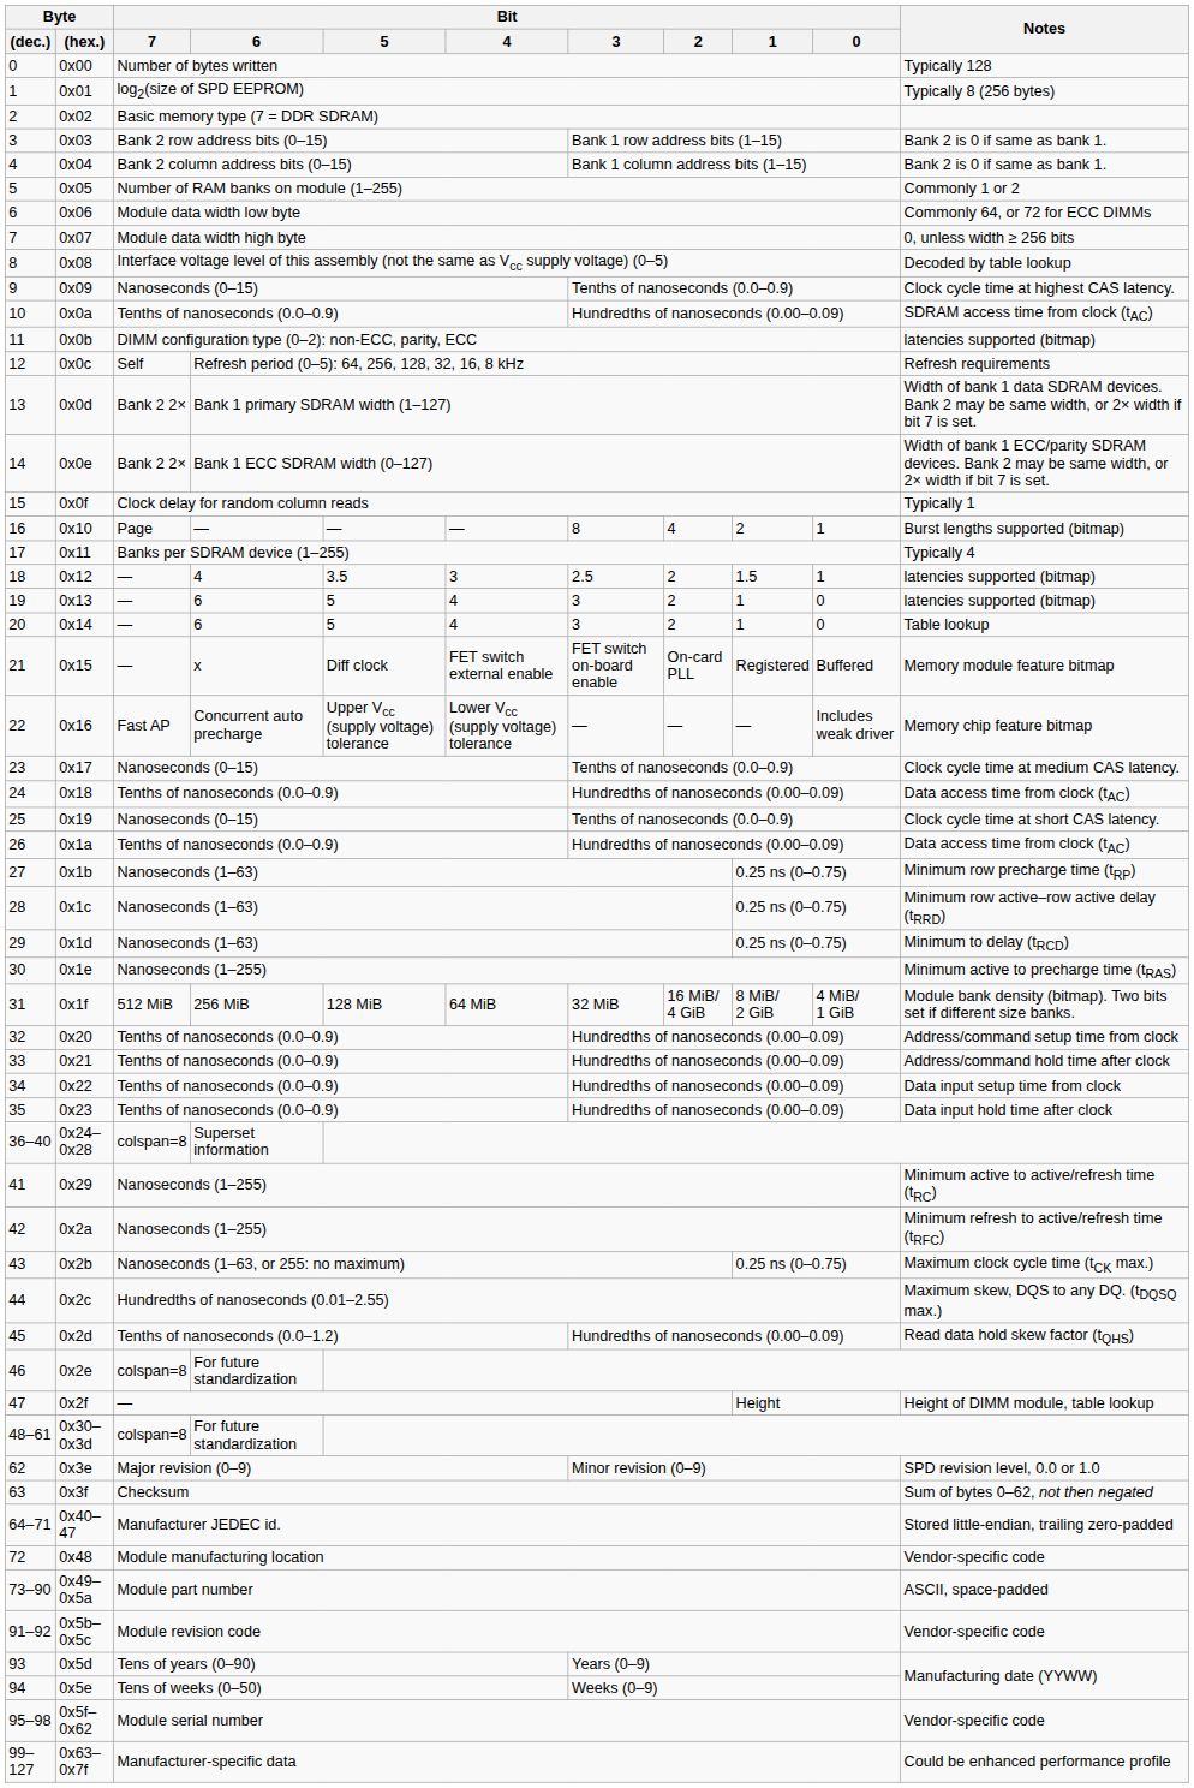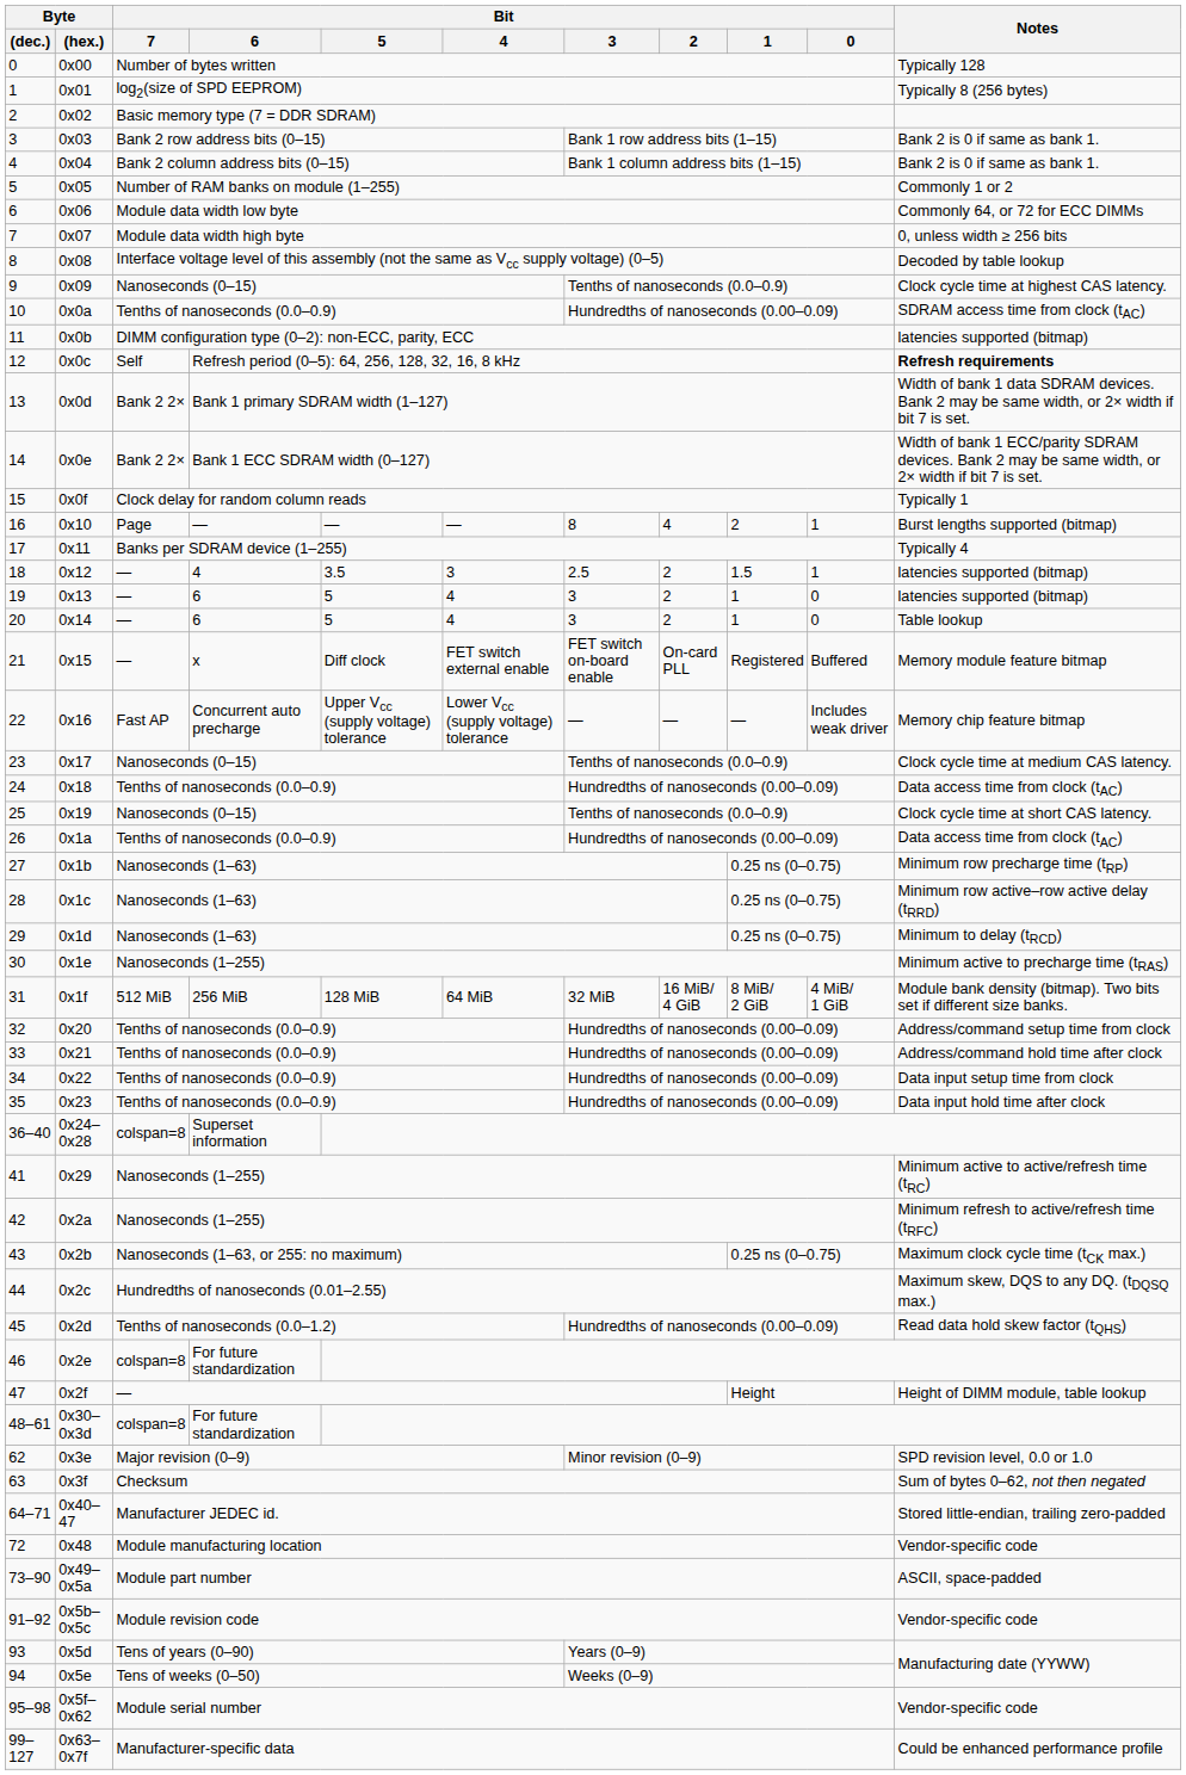 <table class=wikitable>
 <tr>
 <th colspan=2>Byte</th>
 <th colspan=8>Bit</th>
 <th rowspan=2>Notes</th>
 </tr>
 <tr>
 <th>(dec.)</th>
 <th>(hex.)</th>
 <th>7</th>
 <th>6</th>
 <th>5</th>
 <th>4</th>
 <th>3</th>
 <th>2</th>
 <th>1</th>
 <th>0</th>
 </tr>
 <tr>
 <td>0</td>
 <td>0x00</td>
 <td colspan=8>Number of bytes written</td>
 <td>Typically 128</td>
 </tr>
 <tr>
 <td>1</td>
 <td>0x01</td>
 <td colspan=8>log<sub>2</sub>(size of SPD EEPROM)</td>
 <td>Typically 8 (256 bytes)</td>
 </tr>
 <tr>
 <td>2</td>
 <td>0x02</td>
 <td colspan=8>Basic memory type (7 = DDR SDRAM)</td>
 <td></td>
 </tr>
 <tr>
 <td>3</td>
 <td>0x03</td>
 <td colspan=4>Bank 2 row address bits (0–15)</td>
 <td colspan=4>Bank 1 row address bits (1–15)</td>
 <td>Bank 2 is 0 if same as bank 1.</td>
 </tr>
 <tr>
 <td>4</td>
 <td>0x04</td>
 <td colspan=4>Bank 2 column address bits (0–15)</td>
 <td colspan=4>Bank 1 column address bits (1–15)</td>
 <td>Bank 2 is 0 if same as bank 1.</td>
 </tr>
 <tr>
 <td>5</td>
 <td>0x05</td>
 <td colspan=8>Number of RAM banks on module (1–255)</td>
 <td>Commonly 1 or 2</td>
 </tr>
 <tr>
 <td>6</td>
 <td>0x06</td>
 <td colspan=8>Module data width low byte</td>
 <td>Commonly 64, or 72 for ECC DIMMs</td>
 </tr>
 <tr>
 <td>7</td>
 <td>0x07</td>
 <td colspan=8>Module data width high byte</td>
 <td>0, unless width ≥ 256 bits</td>
 </tr>
 <tr>
 <td>8</td>
 <td>0x08</td>
 <td colspan=8>Interface voltage level of this assembly (not the same as V<sub>cc</sub> supply voltage) (0–5)</td>
 <td>Decoded by table lookup</td>
 </tr>
 <tr>
 <td>9</td>
 <td>0x09</td>
 <td colspan=4>Nanoseconds (0–15)</td>
 <td colspan=4>Tenths of nanoseconds (0.0–0.9)</td>
 <td>Clock cycle time at highest CAS latency.</td>
 </tr>
 <tr>
 <td>10</td>
 <td>0x0a</td>
 <td colspan=4>Tenths of nanoseconds (0.0–0.9)</td>
 <td colspan=4>Hundredths of nanoseconds (0.00–0.09)</td>
 <td>SDRAM access time from clock (t<sub>AC</sub>)</td>
 </tr>
 <tr>
 <td>11</td>
 <td>0x0b</td>
 <td colspan=8>DIMM configuration type (0–2): non-ECC, parity, ECC</td>
 <td> latencies supported (bitmap)</td>
 </tr>
 <tr>
 <td>12</td>
 <td>0x0c</td>
 <td>Self</td>
 <td colspan=7>Refresh period (0–5): 64, 256, 128, 32, 16, 8 kHz</td>
-<td>Refresh requirements</td>
+<td><strong>Refresh requirements</strong></td>
 </tr>
 <tr>
 <td>13</td>
 <td>0x0d</td>
 <td>Bank 2 2×</td>
 <td colspan=7>Bank 1 primary SDRAM width (1–127)</td>
 <td>Width of bank 1 data SDRAM devices.  Bank 2 may be same width, or 2× width if bit 7 is set.</td>
 </tr>
 <tr>
 <td>14</td>
 <td>0x0e</td>
 <td>Bank 2 2×</td>
 <td colspan=7>Bank 1 ECC SDRAM width (0–127)</td>
 <td>Width of bank 1 ECC/parity SDRAM devices.  Bank 2 may be same width, or 2× width if bit 7 is set.</td>
 </tr>
 <tr>
 <td>15</td>
 <td>0x0f</td>
 <td colspan=8>Clock delay for random column reads</td>
 <td>Typically 1</td>
 </tr>
 <tr>
 <td>16</td>
 <td>0x10</td>
 <td>Page</td>
 <td>—</td>
 <td>—</td>
 <td>—</td>
 <td>8</td>
 <td>4</td>
 <td>2</td>
 <td>1</td>
 <td>Burst lengths supported (bitmap)</td>
 </tr>
 <tr>
 <td>17</td>
 <td>0x11</td>
 <td colspan=8>Banks per SDRAM device (1–255)</td>
 <td>Typically 4</td>
 </tr>
 <tr>
 <td>18</td>
 <td>0x12</td>
 <td>—</td>
 <td>4</td>
 <td>3.5</td>
 <td>3</td>
 <td>2.5</td>
 <td>2</td>
 <td>1.5</td>
 <td>1</td>
 <td> latencies supported (bitmap)</td>
 </tr>
 <tr>
 <td>19</td>
 <td>0x13</td>
 <td>—</td>
 <td>6</td>
 <td>5</td>
 <td>4</td>
 <td>3</td>
 <td>2</td>
 <td>1</td>
 <td>0</td>
 <td> latencies supported (bitmap)</td>
 </tr>
 <tr>
 <td>20</td>
 <td>0x14</td>
 <td>—</td>
 <td>6</td>
 <td>5</td>
 <td>4</td>
 <td>3</td>
 <td>2</td>
 <td>1</td>
 <td>0</td>
 <td>Table lookup</td>
 </tr>
 <tr>
 <td>21</td>
 <td>0x15</td>
 <td>—</td>
 <td>x</td>
 <td>Diff clock</td>
 <td>FET switch external enable</td>
 <td>FET switch on-board enable</td>
 <td>On-card PLL</td>
 <td>Registered</td>
 <td>Buffered</td>
 <td>Memory module feature bitmap</td>
 </tr>
 <tr>
 <td>22</td>
 <td>0x16</td>
 <td>Fast AP</td>
 <td>Concurrent auto precharge</td>
 <td>Upper V<sub>cc</sub> (supply voltage) tolerance</td>
 <td>Lower V<sub>cc</sub> (supply voltage) tolerance</td>
 <td>—</td>
 <td>—</td>
 <td>—</td>
 <td>Includes weak driver</td>
 <td>Memory chip feature bitmap</td>
 </tr>
 <tr>
 <td>23</td>
 <td>0x17</td>
 <td colspan=4>Nanoseconds (0–15)</td>
 <td colspan=4>Tenths of nanoseconds (0.0–0.9)</td>
 <td>Clock cycle time at medium CAS latency.</td>
 </tr>
 <tr>
 <td>24</td>
 <td>0x18</td>
 <td colspan=4>Tenths of nanoseconds (0.0–0.9)</td>
 <td colspan=4>Hundredths of nanoseconds (0.00–0.09)</td>
 <td>Data access time from clock (t<sub>AC</sub>)</td>
 </tr>
 <tr>
 <td>25</td>
 <td>0x19</td>
 <td colspan=4>Nanoseconds (0–15)</td>
 <td colspan=4>Tenths of nanoseconds (0.0–0.9)</td>
 <td>Clock cycle time at short CAS latency.</td>
 </tr>
 <tr>
 <td>26</td>
 <td>0x1a</td>
 <td colspan=4>Tenths of nanoseconds (0.0–0.9)</td>
 <td colspan=4>Hundredths of nanoseconds (0.00–0.09)</td>
 <td>Data access time from clock (t<sub>AC</sub>)</td>
 </tr>
 <tr>
 <td>27</td>
 <td>0x1b</td>
 <td colspan=6>Nanoseconds (1–63)</td>
 <td colspan=2>0.25 ns (0–0.75)</td>
 <td>Minimum row precharge time (t<sub>RP</sub>)</td>
 </tr>
 <tr>
 <td>28</td>
 <td>0x1c</td>
 <td colspan=6>Nanoseconds (1–63)</td>
 <td colspan=2>0.25 ns (0–0.75)</td>
 <td>Minimum row active–row active delay (t<sub>RRD</sub>)</td>
 </tr>
 <tr>
 <td>29</td>
 <td>0x1d</td>
 <td colspan=6>Nanoseconds (1–63)</td>
 <td colspan=2>0.25 ns (0–0.75)</td>
 <td>Minimum  to  delay (t<sub>RCD</sub>)</td>
 </tr>
 <tr>
 <td>30</td>
 <td>0x1e</td>
 <td colspan=8>Nanoseconds (1–255)</td>
 <td>Minimum active to precharge time (t<sub>RAS</sub>)</td>
 </tr>
 <tr>
 <td>31</td>
 <td>0x1f</td>
 <td>512 MiB</td>
 <td>256 MiB</td>
 <td>128 MiB</td>
 <td>64 MiB</td>
 <td>32 MiB</td>
 <td>16 MiB/<br>4 GiB</td>
 <td>8 MiB/<br>2 GiB</td>
 <td>4 MiB/<br>1 GiB</td>
 <td>Module bank density (bitmap).  Two bits set if different size banks.</td>
 </tr>
 <tr>
 <td>32</td>
 <td>0x20</td>
 <td colspan=4>Tenths of nanoseconds (0.0–0.9)</td>
 <td colspan=4>Hundredths of nanoseconds (0.00–0.09)</td>
 <td>Address/command setup time from clock</td>
 </tr>
 <tr>
 <td>33</td>
 <td>0x21</td>
 <td colspan=4>Tenths of nanoseconds (0.0–0.9)</td>
 <td colspan=4>Hundredths of nanoseconds (0.00–0.09)</td>
 <td>Address/command hold time after clock</td>
 </tr>
 <tr>
 <td>34</td>
 <td>0x22</td>
 <td colspan=4>Tenths of nanoseconds (0.0–0.9)</td>
 <td colspan=4>Hundredths of nanoseconds (0.00–0.09)</td>
 <td>Data input setup time from clock</td>
 </tr>
 <tr>
 <td>35</td>
 <td>0x23</td>
 <td colspan=4>Tenths of nanoseconds (0.0–0.9)</td>
 <td colspan=4>Hundredths of nanoseconds (0.00–0.09)</td>
 <td>Data input hold time after clock</td>
 </tr>
 <tr>
 <td>36–40</td>
 <td>0x24–0x28</td>
 <td>colspan=8 </td>
 <td>Superset information</td>
 </tr>
 <tr>
 <td>41</td>
 <td>0x29</td>
 <td colspan=8>Nanoseconds (1–255)</td>
 <td>Minimum active to active/refresh time (t<sub>RC</sub>)</td>
 </tr>
 <tr>
 <td>42</td>
 <td>0x2a</td>
 <td colspan=8>Nanoseconds (1–255)</td>
 <td>Minimum refresh to active/refresh time (t<sub>RFC</sub>)</td>
 </tr>
 <tr>
 <td>43</td>
 <td>0x2b</td>
 <td colspan=6>Nanoseconds (1–63, or 255: no maximum)</td>
 <td colspan=2>0.25 ns (0–0.75)</td>
 <td>Maximum clock cycle time (t<sub>CK</sub> max.)</td>
 </tr>
 <tr>
 <td>44</td>
 <td>0x2c</td>
 <td colspan=8>Hundredths of nanoseconds (0.01–2.55)</td>
 <td>Maximum skew, DQS to any DQ. (t<sub>DQSQ</sub> max.)</td>
 </tr>
 <tr>
 <td>45</td>
 <td>0x2d</td>
 <td colspan=4>Tenths of nanoseconds (0.0–1.2)</td>
 <td colspan=4>Hundredths of nanoseconds (0.00–0.09)</td>
 <td>Read data hold skew factor (t<sub>QHS</sub>)</td>
 </tr>
 <tr>
 <td>46</td>
 <td>0x2e</td>
 <td>colspan=8 </td>
 <td>For future standardization</td>
 </tr>
 <tr>
 <td>47</td>
 <td>0x2f</td>
 <td colspan=6>—</td>
 <td colspan=2>Height</td>
 <td>Height of DIMM module, table lookup</td>
 </tr>
 <tr>
 <td>48–61</td>
 <td>0x30–0x3d</td>
 <td>colspan=8 </td>
 <td>For future standardization</td>
 </tr>
 <tr>
 <td>62</td>
 <td>0x3e</td>
 <td colspan=4>Major revision (0–9)</td>
 <td colspan=4>Minor revision (0–9)</td>
 <td>SPD revision level, 0.0 or 1.0</td>
 </tr>
 <tr>
 <td>63</td>
 <td>0x3f</td>
 <td colspan=8>Checksum</td>
 <td>Sum of bytes 0–62, <em>not then negated</em></td>
 </tr>
 <tr>
 <td>64–71</td>
 <td>0x40–47</td>
 <td colspan=8>Manufacturer JEDEC id.</td>
 <td>Stored little-endian, trailing zero-padded</td>
 </tr>
 <tr>
 <td>72</td>
 <td>0x48</td>
 <td colspan=8>Module manufacturing location</td>
 <td>Vendor-specific code</td>
 </tr>
 <tr>
 <td>73–90</td>
 <td>0x49–0x5a</td>
 <td colspan=8>Module part number</td>
 <td>ASCII, space-padded</td>
 </tr>
 <tr>
 <td>91–92</td>
 <td>0x5b–0x5c</td>
 <td colspan=8>Module revision code</td>
 <td>Vendor-specific code</td>
 </tr>
 <tr>
 <td>93</td>
 <td>0x5d</td>
 <td colspan=4>Tens of years (0–90)</td>
 <td colspan=4>Years (0–9)</td>
 <td rowspan=2>Manufacturing date (YYWW)</td>
 </tr>
 <tr>
 <td>94</td>
 <td>0x5e</td>
 <td colspan=4>Tens of weeks (0–50)</td>
 <td colspan=4>Weeks (0–9)</td>
 </tr>
 <tr>
 <td>95–98</td>
 <td>0x5f–0x62</td>
 <td colspan=8>Module serial number</td>
 <td>Vendor-specific code</td>
 </tr>
 <tr>
 <td>99–127</td>
 <td>0x63–0x7f</td>
 <td colspan=8>Manufacturer-specific data</td>
 <td>Could be enhanced performance profile</td>
 </tr>
 </table>
